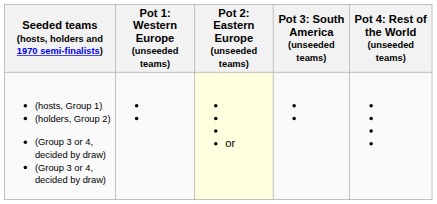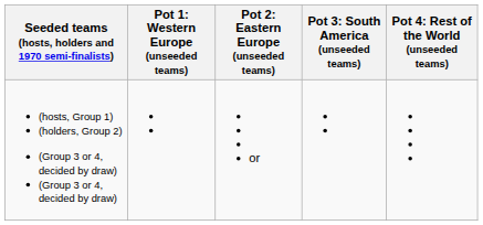 <table class="wikitable" style="width:98%">
 <tr>
 <th>Seeded teams<br><small>(hosts, holders and <a href='#'>1970 semi-finalists</a>)</small></th>
 <th>Pot 1: Western Europe<br><small>(unseeded teams)</small></th>
 <th>Pot 2: Eastern Europe<br><small>(unseeded teams)</small></th>
 <th>Pot 3: South America<br><small>(unseeded teams)</small></th>
 <th>Pot 4: Rest of the World<br><small>(unseeded teams)</small></th>
 </tr>
 <tr>
 <td valign="top"><br><ul><li> <small>(hosts, Group 1)</small></li><li> <small>(holders, Group 2)</small></li></ul><ul><li> <small>(Group 3 or 4, decided by draw)</small></li><li> <small>(Group 3 or 4, decided by draw)</small></li></ul></td>
 <td valign="top"><br><ul><li></li><li></li></ul></td>
-<td valign="top" style="background: lightyellow;"><br><ul><li></li><li></li><li></li><li> or </li></ul></td>
+<td valign="top"><br><ul><li></li><li></li><li></li><li> or </li></ul></td>
 <td valign="top"><br><ul><li></li><li></li></ul></td>
 <td valign="top"><br><ul><li></li><li></li><li></li><li></li></ul></td>
 </tr>
 </table>
